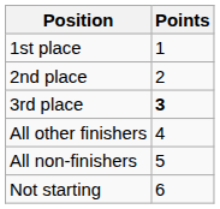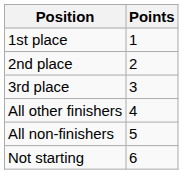 <table class="wikitable" style="font-size:95%">
 <tr>
 <th>Position</th>
 <th>Points</th>
 </tr>
 <tr>
 <td>1st place</td>
 <td>1</td>
 </tr>
 <tr>
 <td>2nd place</td>
 <td>2</td>
 </tr>
 <tr>
 <td>3rd place</td>
-<td><strong>3</strong></td>
+<td>3</td>
 </tr>
 <tr>
 <td>All other finishers</td>
 <td>4</td>
 </tr>
 <tr>
 <td>All non-finishers</td>
 <td>5</td>
 </tr>
 <tr>
 <td>Not starting</td>
 <td>6</td>
 </tr>
 </table>
